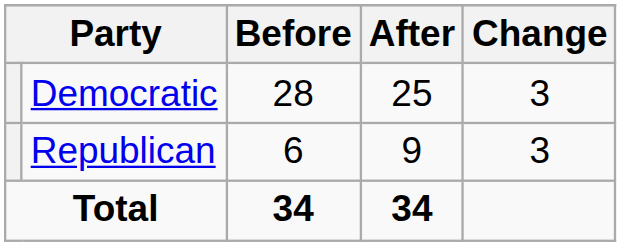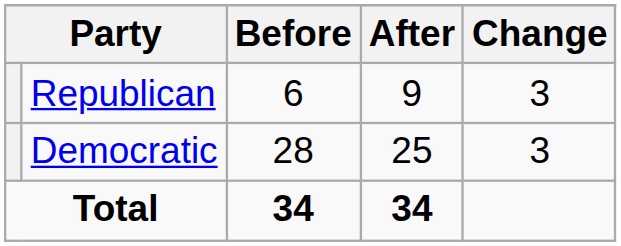 <table class="wikitable" style="text-align:center;">
 <tr>
 </tr>
 <tr>
 <th colspan=2>Party</th>
 <th>Before</th>
 <th>After</th>
 <th>Change</th>
 </tr>
 <tr>
 <th style="background-color:"></th>
-<td style="text-align:left;"><a href='#'>Democratic</a></td>
-<td>28</td>
-<td>25</td>
+<td style="text-align:left;"><a href='#'>Republican</a></td>
+<td>6</td>
+<td>9</td>
 <td> 3</td>
 </tr>
 <tr>
 <th style="background-color:"></th>
-<td style="text-align:left;"><a href='#'>Republican</a></td>
-<td>6</td>
-<td>9</td>
+<td style="text-align:left;"><a href='#'>Democratic</a></td>
+<td>28</td>
+<td>25</td>
 <td> 3</td>
 </tr>
 <tr>
 <td colspan=2><strong>Total</strong></td>
 <td><strong>34</strong></td>
 <td><strong>34</strong></td>
 <td></td>
 </tr>
 </table>
